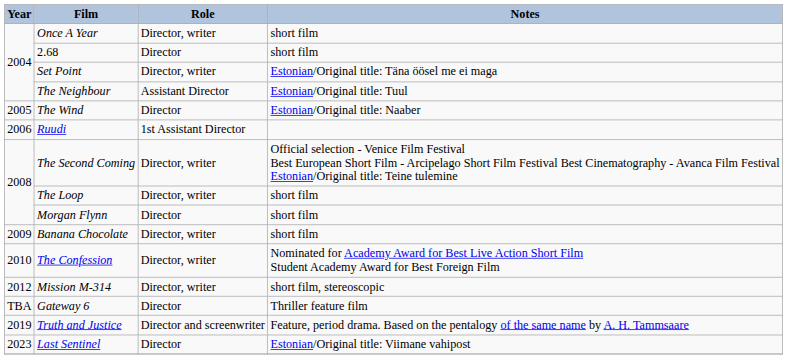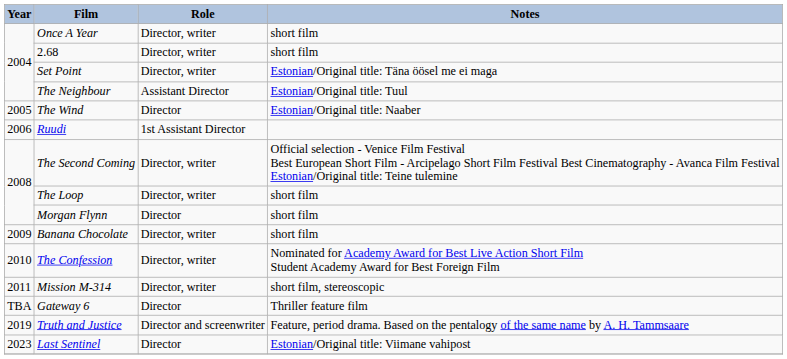 <table class="wikitable" ;>
 <tr style="text-align:center;">
 <th style="background:#B0C4DE;">Year</th>
 <th style="background:#B0C4DE;">Film</th>
 <th style="background:#B0C4DE;">Role</th>
 <th style="background:#B0C4DE;">Notes</th>
 </tr>
 <tr>
 <td rowspan=4>2004</td>
 <td><em>Once A Year</em></td>
 <td>Director, writer</td>
 <td>short film</td>
 </tr>
 <tr>
 <td>2.68</td>
-<td>Director</td>
+<td>Director, writer</td>
 <td>short film</td>
 </tr>
 <tr>
 <td><em>Set Point</em></td>
 <td>Director, writer</td>
 <td><a href='#'>Estonian</a>/Original title: Täna öösel me ei maga</td>
 </tr>
 <tr>
 <td><em>The Neighbour</em></td>
 <td>Assistant Director</td>
 <td><a href='#'>Estonian</a>/Original title: Tuul</td>
 </tr>
 <tr>
 <td>2005</td>
 <td><em>The Wind</em></td>
 <td>Director</td>
 <td><a href='#'>Estonian</a>/Original title: Naaber</td>
 </tr>
 <tr>
 <td>2006</td>
 <td><em><a href='#'>Ruudi</a></em></td>
 <td>1st Assistant Director</td>
 <td></td>
 </tr>
 <tr>
 <td rowspan=3>2008</td>
 <td><em>The Second Coming</em></td>
 <td>Director, writer</td>
 <td>Official selection - Venice Film Festival<br>Best European Short Film - Arcipelago Short Film Festival  Best Cinematography - Avanca Film Festival<br><a href='#'>Estonian</a>/Original title: Teine tulemine</td>
 </tr>
 <tr>
 <td><em>The Loop</em></td>
 <td>Director, writer</td>
 <td>short film</td>
 </tr>
 <tr>
 <td><em>Morgan Flynn</em></td>
 <td>Director</td>
 <td>short film</td>
 </tr>
 <tr>
 <td>2009</td>
 <td><em>Banana Chocolate</em></td>
 <td>Director, writer</td>
 <td>short film</td>
 </tr>
 <tr>
 <td>2010</td>
 <td><em><a href='#'>The Confession</a></em></td>
 <td>Director, writer</td>
 <td>Nominated for <a href='#'>Academy Award for Best Live Action Short Film</a><br>Student Academy Award for Best Foreign Film</td>
 </tr>
 <tr>
-<td>2012</td>
+<td>2011</td>
 <td><em>Mission M-314</em></td>
 <td>Director, writer</td>
 <td>short film, stereoscopic</td>
 </tr>
 <tr>
 <td>TBA</td>
 <td><em>Gateway 6</em></td>
 <td>Director</td>
 <td>Thriller feature film</td>
 </tr>
 <tr>
 <td>2019</td>
 <td><em><a href='#'>Truth and Justice</a></em></td>
 <td>Director and screenwriter</td>
 <td>Feature, period drama. Based on the pentalogy <a href='#'>of the same name</a> by <a href='#'>A. H. Tammsaare</a></td>
 </tr>
 <tr>
 <td>2023</td>
 <td><em><a href='#'>Last Sentinel</a></em></td>
 <td>Director</td>
 <td><a href='#'>Estonian</a>/Original title: Viimane vahipost</td>
 </tr>
 <tr>
 </tr>
 </table>
